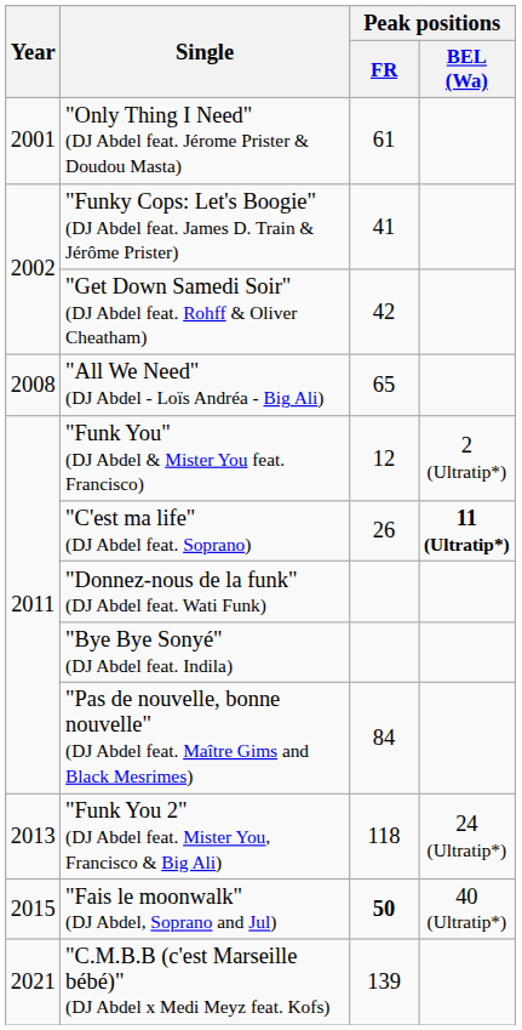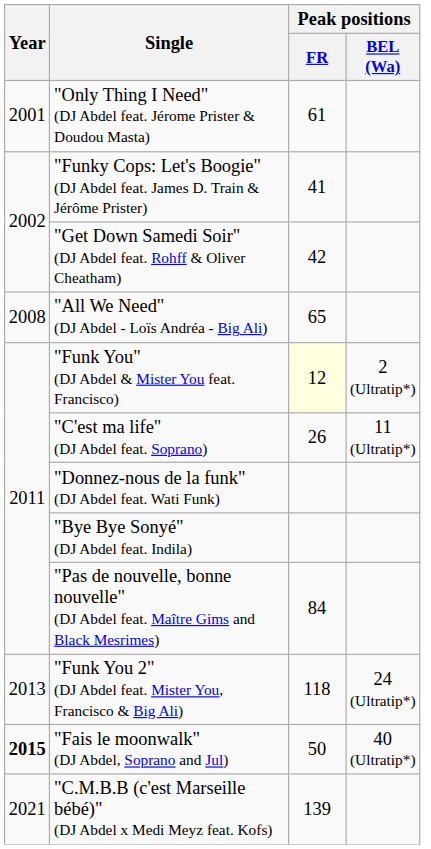 <table class="wikitable">
 <tr>
 <th align="center" rowspan="2" width="10">Year</th>
 <th align="center" rowspan="2" width="200">Single</th>
 <th align="center" colspan="2" width="30">Peak positions</th>
 </tr>
 <tr>
 <th scope="col" style="width:3em;font-size:90%;"><a href='#'>FR</a><br></th>
 <th scope="col" style="width:3em;font-size:90%;"><a href='#'>BEL <br>(Wa)</a><br></th>
 </tr>
 <tr>
 <td align="center" rowspan="1">2001</td>
 <td>"Only Thing I Need" <br><small>(DJ Abdel feat. Jérome Prister & Doudou Masta)</small></td>
 <td align="center">61</td>
 <td align="center"></td>
 </tr>
 <tr>
 <td align="center" rowspan="2">2002</td>
 <td>"Funky Cops: Let's Boogie" <br><small>(DJ Abdel feat. James D. Train & Jérôme Prister)</small></td>
 <td align="center">41</td>
 <td align="center"></td>
 </tr>
 <tr>
 <td>"Get Down Samedi Soir" <br><small>(DJ Abdel feat. <a href='#'>Rohff</a> & Oliver Cheatham)</small></td>
 <td align="center">42</td>
 <td align="center"></td>
 </tr>
 <tr>
 <td align="center" rowspan="1">2008</td>
 <td>"All We Need" <br><small>(DJ Abdel - Loïs Andréa - <a href='#'>Big Ali</a>)</small></td>
 <td align="center">65</td>
 <td align="center"></td>
 </tr>
 <tr>
 <td align="center" rowspan="5">2011</td>
 <td>"Funk You" <br><small>(DJ Abdel & <a href='#'>Mister You</a> feat. Francisco)</small></td>
-<td align="center">12</td>
+<td align="center" style="background: lightyellow;">12</td>
 <td align="center">2<br><small>(Ultratip*)</small></td>
 </tr>
 <tr>
 <td>"C'est ma life" <br><small>(DJ Abdel feat. <a href='#'>Soprano</a>)</small></td>
 <td align="center">26</td>
-<td align="center"><strong>11<br><small>(Ultratip*)</small></strong></td>
+<td align="center">11<br><small>(Ultratip*)</small></td>
 </tr>
 <tr>
 <td>"Donnez-nous de la funk" <br><small>(DJ Abdel feat. Wati Funk)</small></td>
 <td align="center"></td>
 <td align="center"></td>
 </tr>
 <tr>
 <td>"Bye Bye Sonyé" <br><small>(DJ Abdel feat. Indila)</small></td>
 <td align="center"></td>
 <td align="center"></td>
 </tr>
 <tr>
 <td>"Pas de nouvelle, bonne nouvelle" <br><small>(DJ Abdel feat. <a href='#'>Maître Gims</a> and <a href='#'>Black Mesrimes</a>)</small></td>
 <td align="center">84</td>
 <td align="center"></td>
 </tr>
 <tr>
 <td align="center">2013</td>
 <td>"Funk You 2" <br><small>(DJ Abdel feat. <a href='#'>Mister You</a>, Francisco & <a href='#'>Big Ali</a>)</small></td>
 <td align="center">118</td>
 <td align="center">24<br><small>(Ultratip*)</small></td>
 </tr>
 <tr>
-<td align="center">2015</td>
+<td align="center"><strong>2015</strong></td>
 <td>"Fais le moonwalk" <br><small>(DJ Abdel, <a href='#'>Soprano</a> and <a href='#'>Jul</a>)</small></td>
-<td align="center"><strong>50</strong></td>
+<td align="center">50</td>
 <td align="center">40<br><small>(Ultratip*)</small></td>
 </tr>
 <tr>
 <td align="center">2021</td>
 <td>"C.M.B.B (c'est Marseille bébé)" <br><small>(DJ Abdel x Medi Meyz feat. Kofs)</small></td>
 <td align="center">139</td>
 <td align="center"></td>
 </tr>
 <tr>
 </tr>
 </table>
